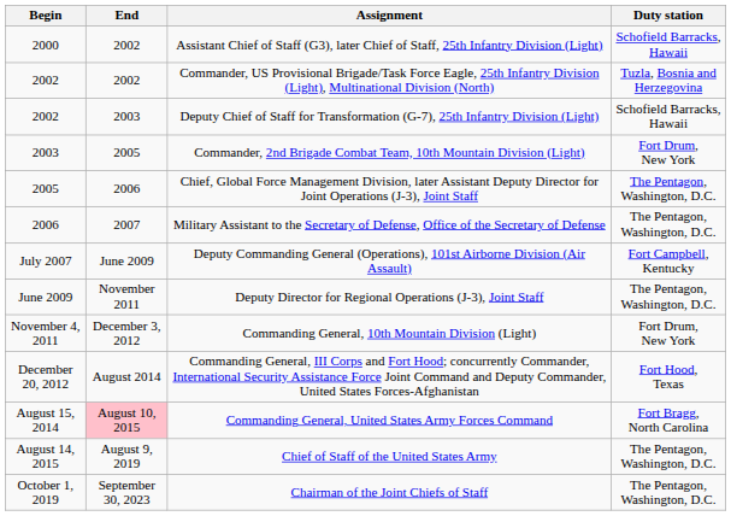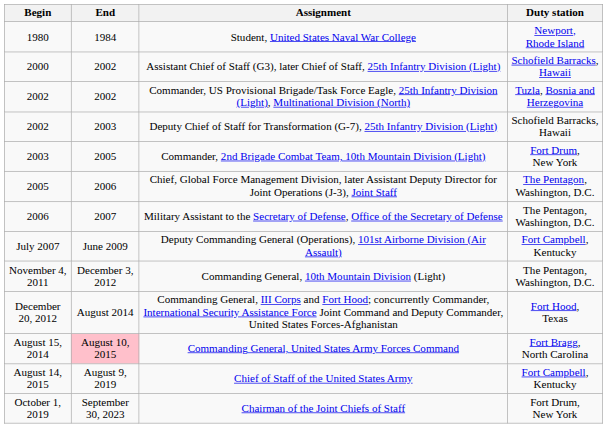 <table class="wikitable" style="clear:right; text-align:center">
 <tr>
 <th>Begin</th>
 <th>End</th>
 <th>Assignment</th>
 <th>Duty station</th>
+</tr>
+<tr>
+<td>1980</td>
+<td>1984</td>
+<td>Student, <a href='#'>United States Naval War College</a></td>
+<td><a href='#'>Newport,<br>Rhode Island</a></td>
 </tr>
 <tr>
 <td>2000</td>
 <td>2002</td>
 <td>Assistant Chief of Staff (G3), later Chief of Staff, <a href='#'>25th Infantry Division (Light)</a></td>
 <td><a href='#'>Schofield Barracks</a>,<br><a href='#'>Hawaii</a></td>
 </tr>
 <tr>
 <td>2002</td>
 <td>2002</td>
 <td>Commander, US Provisional Brigade/Task Force Eagle, <a href='#'>25th Infantry Division (Light)</a>, <a href='#'>Multinational Division (North)</a></td>
 <td><a href='#'>Tuzla</a>, <a href='#'>Bosnia and Herzegovina</a></td>
 </tr>
 <tr>
 <td>2002</td>
 <td>2003</td>
 <td>Deputy Chief of Staff for Transformation (G-7), <a href='#'>25th Infantry Division (Light)</a></td>
 <td>Schofield Barracks,<br>Hawaii</td>
 </tr>
 <tr>
 <td>2003</td>
 <td>2005</td>
 <td>Commander, <a href='#'>2nd Brigade Combat Team, 10th Mountain Division (Light)</a></td>
 <td><a href='#'>Fort Drum</a>,<br>New York</td>
 </tr>
 <tr>
 <td>2005</td>
 <td>2006</td>
 <td>Chief, Global Force Management Division, later Assistant Deputy Director for Joint Operations (J-3), <a href='#'>Joint Staff</a></td>
 <td><a href='#'>The Pentagon</a>, Washington, D.C.</td>
 </tr>
 <tr>
 <td>2006</td>
 <td>2007</td>
 <td>Military Assistant to the <a href='#'>Secretary of Defense</a>, <a href='#'>Office of the Secretary of Defense</a></td>
 <td>The Pentagon, Washington, D.C.</td>
 </tr>
 <tr>
 <td>July 2007</td>
 <td>June 2009</td>
 <td>Deputy Commanding General (Operations), <a href='#'>101st Airborne Division (Air Assault)</a></td>
 <td><a href='#'>Fort Campbell</a>,<br>Kentucky</td>
 </tr>
 <tr>
-<td>June 2009</td>
-<td>November 2011</td>
-<td>Deputy Director for Regional Operations (J-3), <a href='#'>Joint Staff</a></td>
-<td>The Pentagon, Washington, D.C.</td>
-</tr>
-<tr>
 <td>November 4, 2011</td>
 <td>December 3, 2012</td>
 <td>Commanding General, <a href='#'>10th Mountain Division</a> (Light)</td>
-<td>Fort Drum,<br>New York</td>
+<td>The Pentagon, Washington, D.C.</td>
 </tr>
 <tr>
 <td>December 20, 2012</td>
 <td>August 2014</td>
 <td>Commanding General, <a href='#'>III Corps</a> and <a href='#'>Fort Hood</a>; concurrently Commander, <a href='#'>International Security Assistance Force</a> Joint Command and Deputy Commander, United States Forces-Afghanistan</td>
 <td><a href='#'>Fort Hood</a>,<br>Texas</td>
 </tr>
 <tr>
 <td>August 15, 2014</td>
 <td style="background: pink;">August 10, 2015</td>
 <td><a href='#'>Commanding General, United States Army Forces Command</a></td>
 <td><a href='#'>Fort Bragg</a>,<br>North Carolina</td>
 </tr>
 <tr>
 <td>August 14, 2015</td>
 <td>August 9, 2019</td>
 <td><a href='#'>Chief of Staff of the United States Army</a></td>
-<td>The Pentagon, Washington, D.C.</td>
+<td><a href='#'>Fort Campbell</a>,<br>Kentucky</td>
 </tr>
 <tr>
 <td>October 1, 2019</td>
 <td>September 30, 2023</td>
 <td><a href='#'>Chairman of the Joint Chiefs of Staff</a></td>
-<td>The Pentagon, Washington, D.C.</td>
+<td>Fort Drum,<br>New York</td>
 </tr>
 </table>
